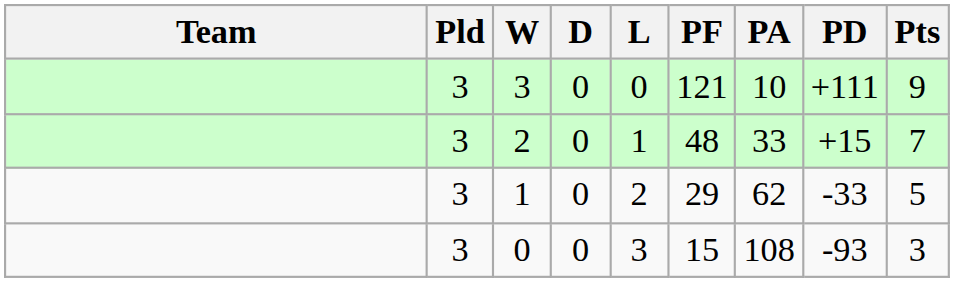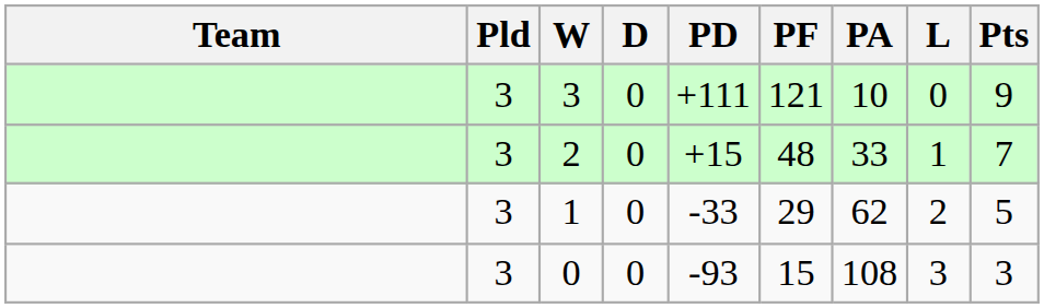 <table class="wikitable" style="text-align:center;">
 <tr>
 <th width="190">Team</th>
 <th width="20" abbr="Played">Pld</th>
 <th width="20" abbr="Won">W</th>
 <th width="20" abbr="Drawn">D</th>
-<th width="20" abbr="Lost">L</th>
+<th width="25" abbr="Points difference">PD</th>
 <th width="20" abbr="Points for">PF</th>
 <th width="20" abbr="Points against">PA</th>
-<th width="25" abbr="Points difference">PD</th>
+<th width="20" abbr="Lost">L</th>
 <th width="20" abbr="Points">Pts</th>
 </tr>
 <tr style="background:#ccffcc">
 <td align="left"></td>
 <td>3</td>
 <td>3</td>
 <td>0</td>
-<td>0</td>
+<td>+111</td>
 <td>121</td>
 <td>10</td>
-<td>+111</td>
+<td>0</td>
 <td>9</td>
 </tr>
 <tr style="background:#ccffcc">
 <td align="left"></td>
 <td>3</td>
 <td>2</td>
 <td>0</td>
-<td>1</td>
+<td>+15</td>
 <td>48</td>
 <td>33</td>
-<td>+15</td>
+<td>1</td>
 <td>7</td>
 </tr>
 <tr>
 <td align="left"></td>
 <td>3</td>
 <td>1</td>
 <td>0</td>
-<td>2</td>
+<td>-33</td>
 <td>29</td>
 <td>62</td>
-<td>-33</td>
+<td>2</td>
 <td>5</td>
 </tr>
 <tr>
 <td align="left"></td>
 <td>3</td>
 <td>0</td>
 <td>0</td>
-<td>3</td>
+<td>-93</td>
 <td>15</td>
 <td>108</td>
-<td>-93</td>
+<td>3</td>
 <td>3</td>
 </tr>
 </table>
